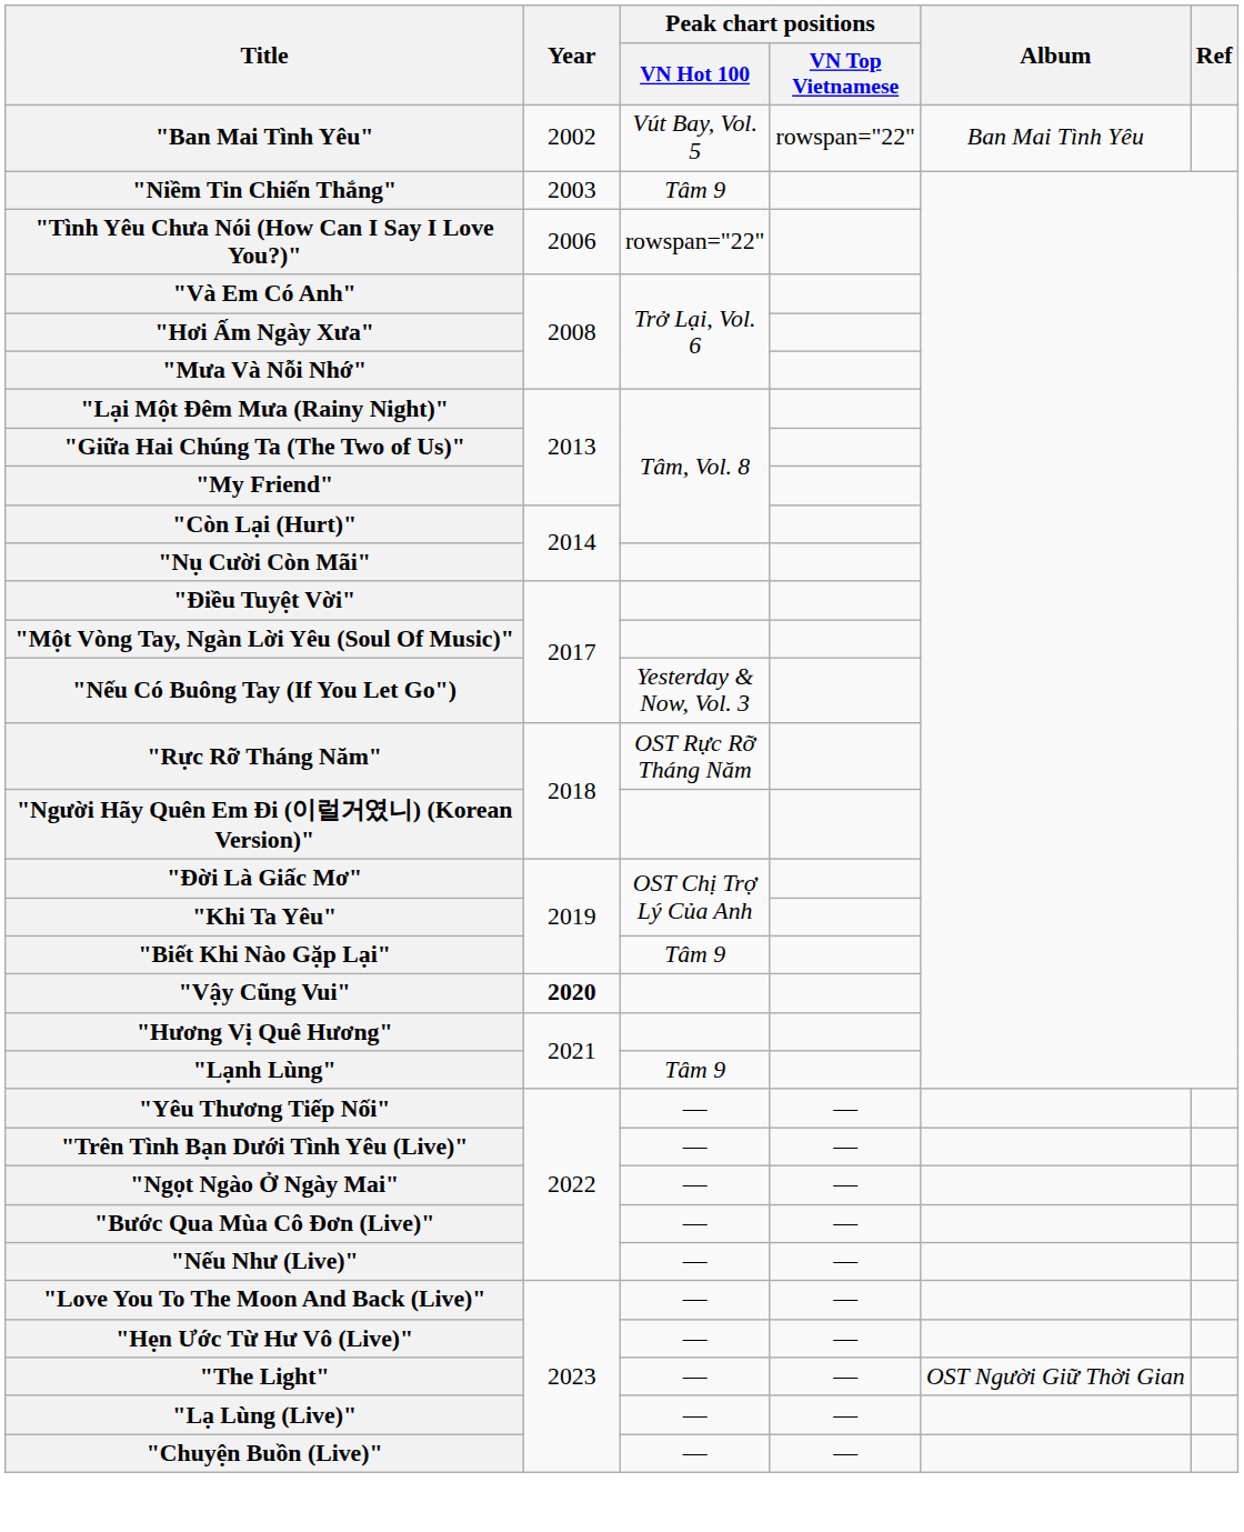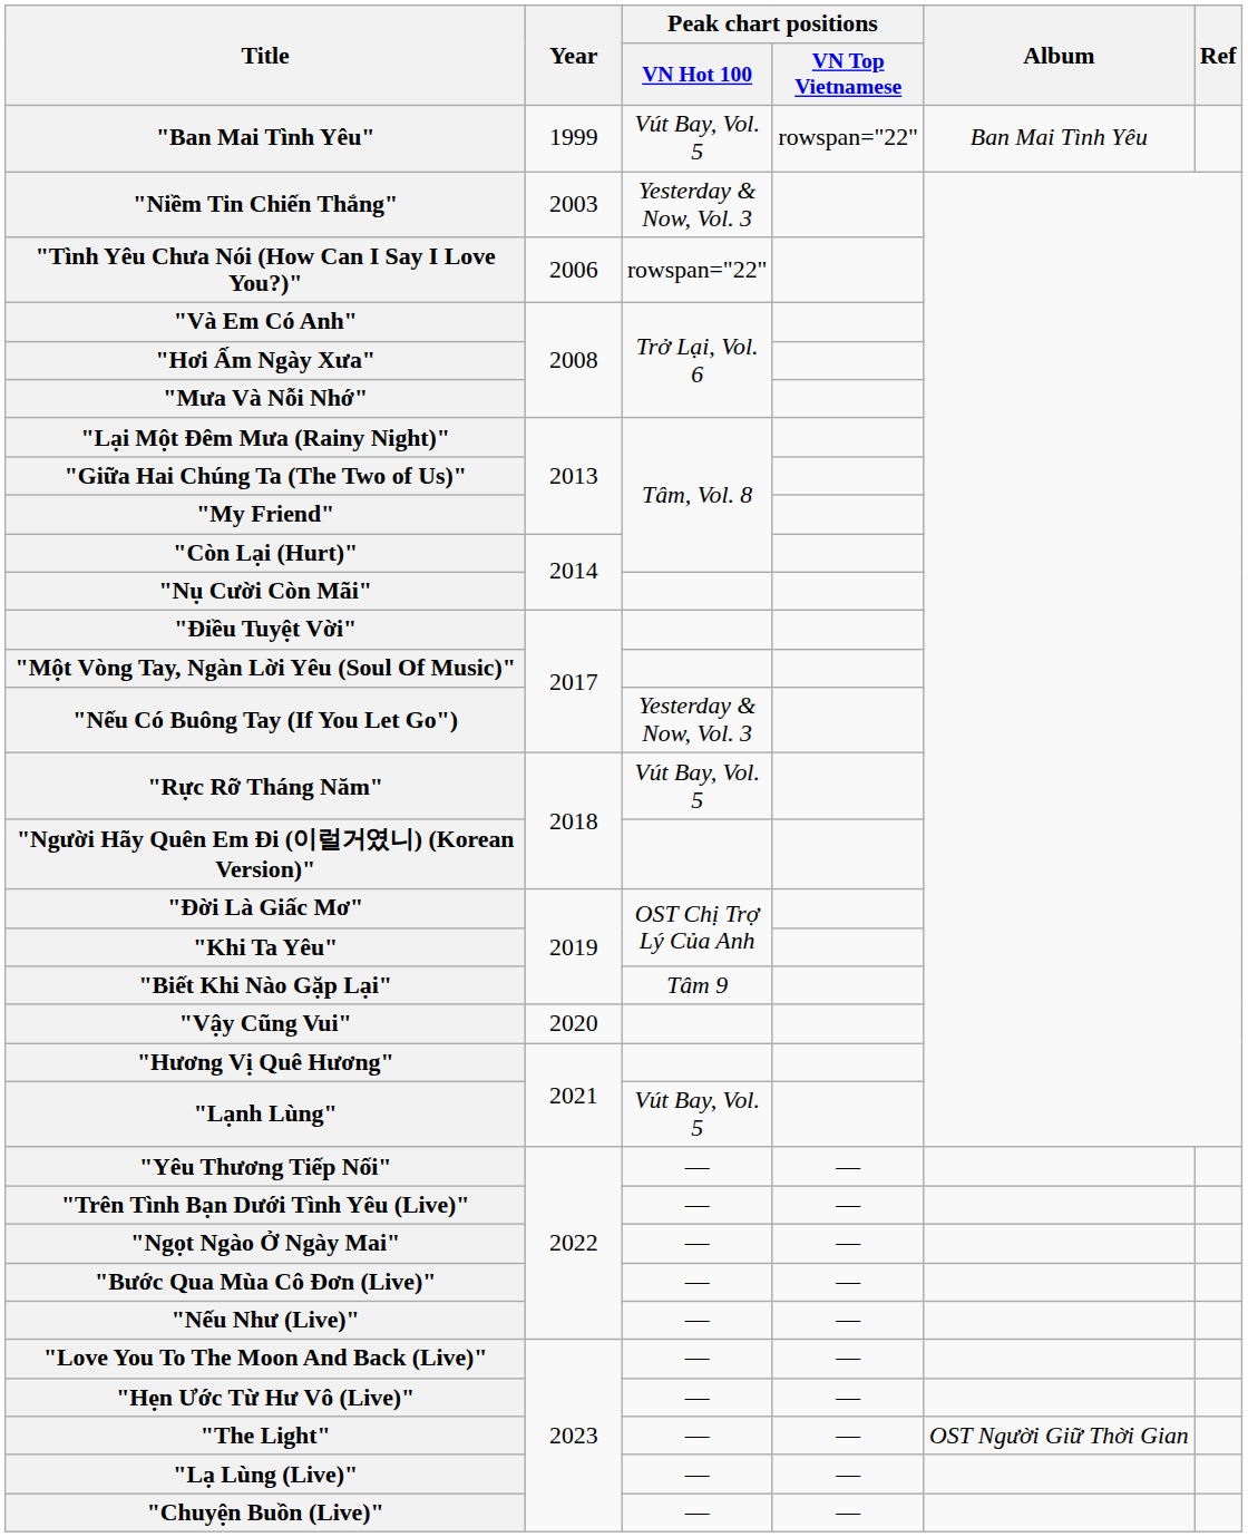 <table class="wikitable plainrowheaders" style="text-align:center;">
 <tr>
 <th scope="col" style="width:21em;" rowspan="2">Title</th>
 <th scope="col" style="width:3.5em;" rowspan="2">Year</th>
 <th colspan="2”">Peak chart positions</th>
 <th rowspan="2">Album</th>
 <th scope="col" class="unsortable" rowspan="2">Ref</th>
 </tr>
 <tr>
 <th style="width:4em;font-size:90%;"><a href='#'>VN Hot 100</a></th>
 <th style="width:4em;font-size:90%;"><a href='#'>VN Top Vietnamese</a></th>
 </tr>
 <tr>
 <th scope="row">"Ban Mai Tình Yêu"</th>
-<td>2002</td>
+<td>1999</td>
 <td><em>Vút Bay, Vol. 5</em></td>
 <td>rowspan="22" </td>
 <td><em>Ban Mai Tình Yêu</em></td>
 <td></td>
 </tr>
 <tr>
 <th scope="row">"Niềm Tin Chiến Thắng"</th>
 <td>2003</td>
-<td><em>Tâm 9</em></td>
+<td><em>Yesterday & Now, Vol. 3</em></td>
 <td></td>
 </tr>
 <tr>
 <th scope="row">"Tình Yêu Chưa Nói (How Can I Say I Love You?)"</th>
 <td>2006</td>
 <td>rowspan="22" </td>
 <td></td>
 </tr>
 <tr>
 <th scope="row">"Và Em Có Anh"</th>
 <td rowspan="3">2008</td>
 <td rowspan="3"><em>Trở Lại, Vol. 6</em></td>
 <td></td>
 </tr>
 <tr>
 <th scope="row">"Hơi Ấm Ngày Xưa"</th>
 <td></td>
 </tr>
 <tr>
 <th scope="row">"Mưa Và Nỗi Nhớ"</th>
 <td></td>
 </tr>
 <tr>
 <th scope="row">"Lại Một Đêm Mưa (Rainy Night)"</th>
 <td rowspan="3">2013</td>
 <td rowspan="4"><em>Tâm, Vol. 8</em></td>
 <td></td>
 </tr>
 <tr>
 <th scope="row">"Giữa Hai Chúng Ta (The Two of Us)"</th>
 <td></td>
 </tr>
 <tr>
 <th scope="row">"My Friend"</th>
 <td></td>
 </tr>
 <tr>
 <th scope="row">"Còn Lại (Hurt)"</th>
 <td rowspan="2">2014</td>
 <td></td>
 </tr>
 <tr>
 <th scope="row">"Nụ Cười Còn Mãi" </th>
 <td></td>
 <td></td>
 </tr>
 <tr>
 <th scope="row">"Điều Tuyệt Vời"</th>
 <td rowspan="3">2017</td>
 <td></td>
 <td></td>
 </tr>
 <tr>
 <th scope="row">"Một Vòng Tay, Ngàn Lời Yêu (Soul Of Music)"</th>
 <td></td>
 <td></td>
 </tr>
 <tr>
 <th scope="row">"Nếu Có Buông Tay (If You Let Go")</th>
 <td><em>Yesterday & Now, Vol. 3</em></td>
 <td></td>
 </tr>
 <tr>
 <th scope="row">"Rực Rỡ Tháng Năm"</th>
 <td rowspan="2">2018</td>
-<td><em>OST Rực Rỡ Tháng Năm</em></td>
+<td><em>Vút Bay, Vol. 5</em></td>
 <td></td>
 </tr>
 <tr>
 <th scope="row">"Người Hãy Quên Em Đi (이럴거였니) (Korean Version)"</th>
 <td></td>
 <td></td>
 </tr>
 <tr>
 <th scope="row">"Đời Là Giấc Mơ"</th>
 <td rowspan="3">2019</td>
 <td rowspan="2"><em>OST Chị Trợ Lý Của Anh</em></td>
 <td></td>
 </tr>
 <tr>
 <th scope="row">"Khi Ta Yêu"</th>
 <td></td>
 </tr>
 <tr>
 <th scope="row">"Biết Khi Nào Gặp Lại"</th>
 <td><em>Tâm 9</em></td>
 <td></td>
 </tr>
 <tr>
 <th scope="row">"Vậy Cũng Vui"</th>
-<td><strong>2020</strong></td>
+<td>2020</td>
 <td></td>
 <td></td>
 </tr>
 <tr>
 <th scope="row">"Hương Vị Quê Hương"</th>
 <td rowspan="2">2021</td>
 <td></td>
 <td></td>
 </tr>
 <tr>
 <th scope="row">"Lạnh Lùng"</th>
-<td><em>Tâm 9</em></td>
+<td><em>Vút Bay, Vol. 5</em></td>
 <td></td>
 </tr>
 <tr>
 <th scope="row">"Yêu Thương Tiếp Nối"</th>
 <td rowspan="5">2022</td>
 <td>—</td>
 <td>—</td>
 <td></td>
 <td></td>
 </tr>
 <tr>
 <th scope="row">"Trên Tình Bạn Dưới Tình Yêu (Live)" </th>
 <td>—</td>
 <td>—</td>
 <td></td>
 <td></td>
 </tr>
 <tr>
 <th scope="row">"Ngọt Ngào Ở Ngày Mai" </th>
 <td>—</td>
 <td>—</td>
 <td></td>
 <td></td>
 </tr>
 <tr>
 <th scope="row">"Bước Qua Mùa Cô Đơn (Live)" </th>
 <td>—</td>
 <td>—</td>
 <td></td>
 <td></td>
 </tr>
 <tr>
 <th scope="row">"Nếu Như (Live)"</th>
 <td>—</td>
 <td>—</td>
 <td></td>
 <td></td>
 </tr>
 <tr>
 <th scope="row">"Love You To The Moon And Back (Live)" </th>
 <td rowspan="5">2023</td>
 <td>—</td>
 <td>—</td>
 <td></td>
 <td></td>
 </tr>
 <tr>
 <th scope="row">"Hẹn Ước Từ Hư Vô (Live)" </th>
 <td>—</td>
 <td>—</td>
 <td></td>
 <td></td>
 </tr>
 <tr>
 <th scope="row">"The Light"</th>
 <td>—</td>
 <td>—</td>
 <td><em>OST Người Giữ Thời Gian</em></td>
 <td></td>
 </tr>
 <tr>
 <th scope="row">"Lạ Lùng (Live)" </th>
 <td>—</td>
 <td>—</td>
 <td></td>
 <td></td>
 </tr>
 <tr>
 <th scope="row">"Chuyện Buồn (Live)"</th>
 <td>—</td>
 <td>—</td>
 <td></td>
 <td></td>
 </tr>
 </table>
